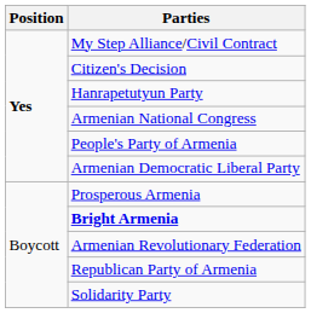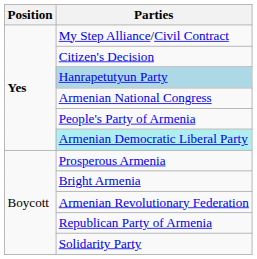 <table class=wikitable>
 <tr>
 <th>Position</th>
 <th>Parties</th>
 </tr>
 <tr>
 <td rowspan=6> <strong>Yes</strong></td>
 <td><a href='#'>My Step Alliance</a>/<a href='#'>Civil Contract</a></td>
 </tr>
 <tr>
 <td><a href='#'>Citizen's Decision</a></td>
 </tr>
 <tr>
-<td><a href='#'>Hanrapetutyun Party</a></td>
+<td style="background: lightblue;"><a href='#'>Hanrapetutyun Party</a></td>
 </tr>
 <tr>
 <td><a href='#'>Armenian National Congress</a></td>
 </tr>
 <tr>
 <td><a href='#'>People's Party of Armenia</a></td>
 </tr>
 <tr>
-<td><a href='#'>Armenian Democratic Liberal Party</a></td>
+<td style="background: paleturquoise;"><a href='#'>Armenian Democratic Liberal Party</a></td>
 </tr>
 <tr>
 <td rowspan=5>Boycott</td>
 <td><a href='#'>Prosperous Armenia</a></td>
 </tr>
 <tr>
-<td><strong><a href='#'>Bright Armenia</a></strong></td>
+<td><a href='#'>Bright Armenia</a></td>
 </tr>
 <tr>
 <td><a href='#'>Armenian Revolutionary Federation</a></td>
 </tr>
 <tr>
 <td><a href='#'>Republican Party of Armenia</a></td>
 </tr>
 <tr>
 <td><a href='#'>Solidarity Party</a></td>
 </tr>
 </table>
